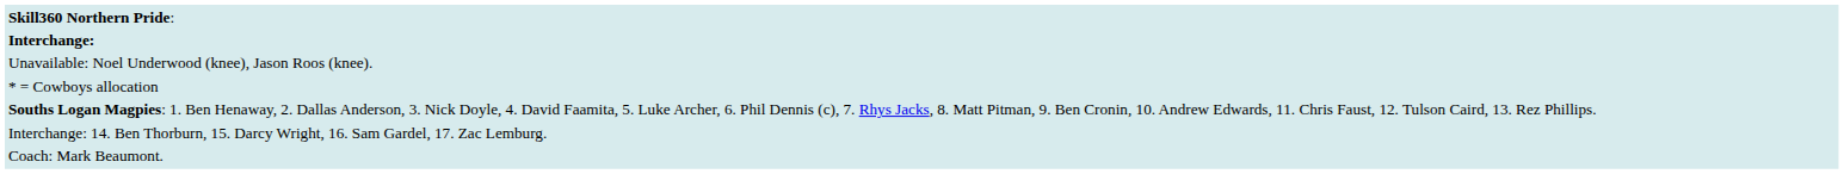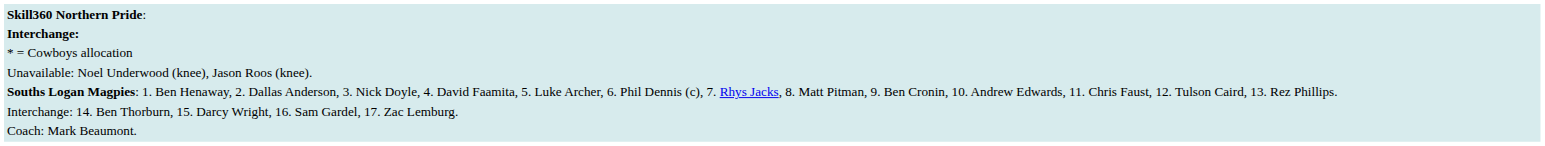 <table style="background:#d7ebed; font-size:85%; width:100%;">
 <tr>
 <td><strong>Skill360 Northern Pride</strong>:             </td>
 </tr>
 <tr>
 <td><strong>Interchange:    </strong></td>
 </tr>
 <tr>
-<td>Unavailable: Noel Underwood (knee), Jason Roos (knee).</td>
+<td>* = Cowboys allocation</td>
 </tr>
 <tr>
-<td>* = Cowboys allocation</td>
+<td>Unavailable: Noel Underwood (knee), Jason Roos (knee).</td>
 </tr>
 <tr>
 <td><strong>Souths Logan Magpies</strong>: 1. Ben Henaway, 2. Dallas Anderson, 3. Nick Doyle, 4. David Faamita, 5. Luke Archer, 6. Phil Dennis (c), 7. <a href='#'>Rhys Jacks</a>, 8. Matt Pitman, 9. Ben Cronin, 10. Andrew Edwards, 11. Chris Faust, 12. Tulson Caird, 13. Rez Phillips.</td>
 </tr>
 <tr>
 <td>Interchange: 14. Ben Thorburn, 15. Darcy Wright, 16. Sam Gardel, 17. Zac Lemburg.</td>
 </tr>
 <tr>
 <td>Coach: Mark Beaumont.</td>
 </tr>
 </table>
